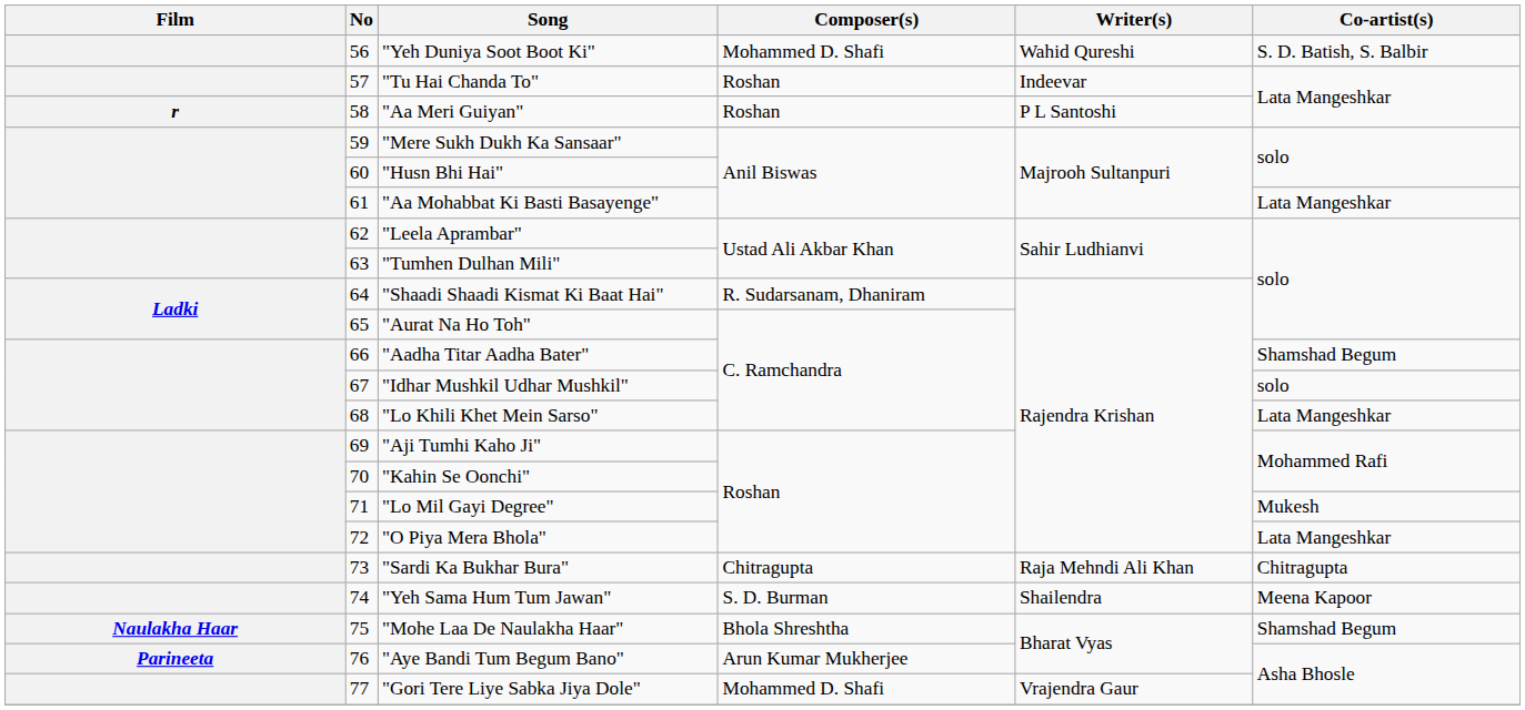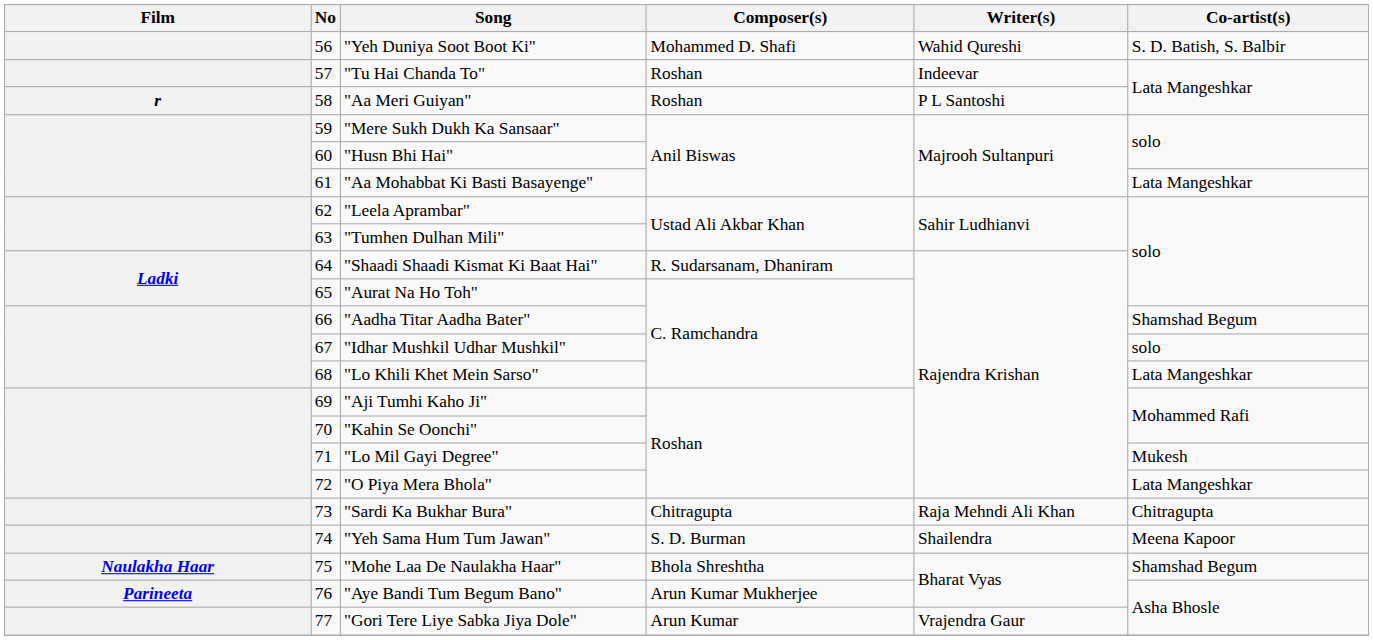 <table class="wikitable plainrowheaders" width="100%" textcolor:#000;">
 <tr style="background:#b0e0e66;">
 <th scope="col" width=23%><strong>Film</strong></th>
 <th><strong>No</strong></th>
 <th scope="col" width=23%><strong>Song</strong></th>
 <th scope="col" width=20%><strong>Composer(s)</strong></th>
 <th scope="col" width=16%><strong>Writer(s)</strong></th>
 <th scope="col" width=18%><strong>Co-artist(s)</strong></th>
 </tr>
 <tr>
 <th><em></em></th>
 <td>56</td>
 <td>"Yeh Duniya Soot Boot Ki"</td>
 <td>Mohammed D. Shafi</td>
 <td>Wahid Qureshi</td>
 <td>S. D. Batish, S. Balbir</td>
 </tr>
 <tr>
 <th><em></em></th>
 <td>57</td>
 <td>"Tu Hai Chanda To"</td>
 <td>Roshan</td>
 <td>Indeevar</td>
 <td rowspan=2>Lata Mangeshkar</td>
 </tr>
 <tr>
 <th><em>r</em></th>
 <td>58</td>
 <td>"Aa Meri Guiyan"</td>
 <td>Roshan</td>
 <td>P L Santoshi</td>
 </tr>
 <tr>
 <th rowspan=3><em></em></th>
 <td>59</td>
 <td>"Mere Sukh Dukh Ka Sansaar"</td>
 <td rowspan=3>Anil Biswas</td>
 <td rowspan=3>Majrooh Sultanpuri</td>
 <td rowspan=2>solo</td>
 </tr>
 <tr>
 <td>60</td>
 <td>"Husn Bhi Hai"</td>
 </tr>
 <tr>
 <td>61</td>
 <td>"Aa Mohabbat Ki Basti Basayenge"</td>
 <td>Lata Mangeshkar</td>
 </tr>
 <tr>
 <th rowspan=2><em></em></th>
 <td>62</td>
 <td>"Leela Aprambar"</td>
 <td rowspan=2>Ustad Ali Akbar Khan</td>
 <td rowspan=2>Sahir Ludhianvi</td>
 <td rowspan=4>solo</td>
 </tr>
 <tr>
 <td>63</td>
 <td>"Tumhen Dulhan Mili"</td>
 </tr>
 <tr>
 <th rowspan=2><em><a href='#'>Ladki</a></em></th>
 <td>64</td>
 <td>"Shaadi Shaadi Kismat Ki Baat Hai"</td>
 <td>R. Sudarsanam, Dhaniram</td>
 <td rowspan=9>Rajendra Krishan</td>
 </tr>
 <tr>
 <td>65</td>
 <td>"Aurat Na Ho Toh"</td>
 <td rowspan=4>C. Ramchandra</td>
 </tr>
 <tr>
 <th rowspan=3><em></em></th>
 <td>66</td>
 <td>"Aadha Titar Aadha Bater"</td>
 <td>Shamshad Begum</td>
 </tr>
 <tr>
 <td>67</td>
 <td>"Idhar Mushkil Udhar Mushkil"</td>
 <td>solo</td>
 </tr>
 <tr>
 <td>68</td>
 <td>"Lo Khili Khet Mein Sarso"</td>
 <td>Lata Mangeshkar</td>
 </tr>
 <tr>
 <th rowspan=4><em></em></th>
 <td>69</td>
 <td>"Aji Tumhi Kaho Ji"</td>
 <td rowspan=4>Roshan</td>
 <td rowspan=2>Mohammed Rafi</td>
 </tr>
 <tr>
 <td>70</td>
 <td>"Kahin Se Oonchi"</td>
 </tr>
 <tr>
 <td>71</td>
 <td>"Lo Mil Gayi Degree"</td>
 <td>Mukesh</td>
 </tr>
 <tr>
 <td>72</td>
 <td>"O Piya Mera Bhola"</td>
 <td>Lata Mangeshkar</td>
 </tr>
 <tr>
 <th><em></em></th>
 <td>73</td>
 <td>"Sardi Ka Bukhar Bura"</td>
 <td>Chitragupta</td>
 <td>Raja Mehndi Ali Khan</td>
 <td>Chitragupta</td>
 </tr>
 <tr>
 <th><em></em></th>
 <td>74</td>
 <td>"Yeh Sama Hum Tum Jawan"</td>
 <td>S. D. Burman</td>
 <td>Shailendra</td>
 <td>Meena Kapoor</td>
 </tr>
 <tr>
 <th><em><a href='#'>Naulakha Haar</a></em></th>
 <td>75</td>
 <td>"Mohe Laa De Naulakha Haar"</td>
 <td>Bhola Shreshtha</td>
 <td rowspan=2>Bharat Vyas</td>
 <td>Shamshad Begum</td>
 </tr>
 <tr>
 <th><em><a href='#'>Parineeta</a></em></th>
 <td>76</td>
 <td>"Aye Bandi Tum Begum Bano"</td>
 <td>Arun Kumar Mukherjee</td>
 <td rowspan=2>Asha Bhosle</td>
 </tr>
 <tr>
 <th><em></em></th>
 <td>77</td>
 <td>"Gori Tere Liye Sabka Jiya Dole"</td>
-<td>Mohammed D. Shafi</td>
+<td>Arun Kumar</td>
 <td>Vrajendra Gaur</td>
 </tr>
 <tr>
 </tr>
 </table>
